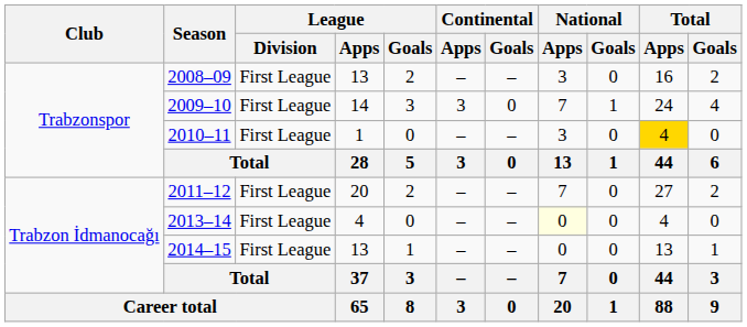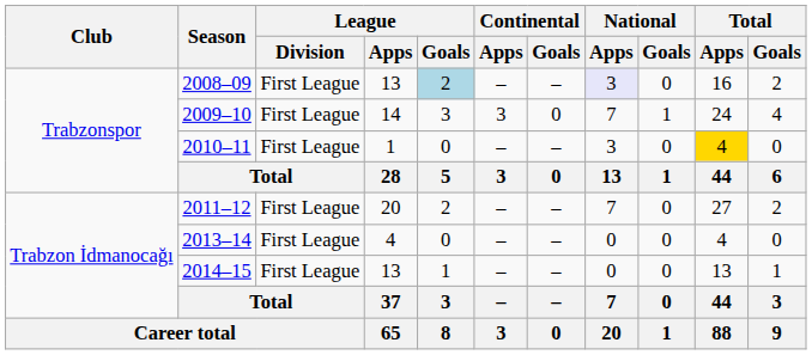 <table class="wikitable" style="text-align: center;">
 <tr>
 <th rowspan="2">Club</th>
 <th rowspan="2">Season</th>
 <th colspan="3">League</th>
 <th colspan="2">Continental</th>
 <th colspan="2">National</th>
 <th colspan="2">Total</th>
 </tr>
 <tr>
 <th>Division</th>
 <th>Apps</th>
 <th>Goals</th>
 <th>Apps</th>
 <th>Goals</th>
 <th>Apps</th>
 <th>Goals</th>
 <th>Apps</th>
 <th>Goals</th>
 </tr>
 <tr>
 <td rowspan=4><a href='#'>Trabzonspor</a></td>
 <td><a href='#'>2008–09</a></td>
 <td>First League</td>
 <td>13</td>
-<td>2</td>
+<td style="background: lightblue;">2</td>
 <td>–</td>
 <td>–</td>
-<td>3</td>
+<td style="background: lavender;">3</td>
 <td>0</td>
 <td>16</td>
 <td>2</td>
 </tr>
 <tr>
 <td><a href='#'>2009–10</a></td>
 <td>First League</td>
 <td>14</td>
 <td>3</td>
 <td>3</td>
 <td>0</td>
 <td>7</td>
 <td>1</td>
 <td>24</td>
 <td>4</td>
 </tr>
 <tr>
 <td><a href='#'>2010–11</a></td>
 <td>First League</td>
 <td>1</td>
 <td>0</td>
 <td>–</td>
 <td>–</td>
 <td>3</td>
 <td>0</td>
 <td style="background: gold;">4</td>
 <td>0</td>
 </tr>
 <tr>
 <th colspan="2">Total</th>
 <th>28</th>
 <th>5</th>
 <th>3</th>
 <th>0</th>
 <th>13</th>
 <th>1</th>
 <th>44</th>
 <th>6</th>
 </tr>
 <tr>
 <td rowspan=4><a href='#'>Trabzon İdmanocağı</a></td>
 <td><a href='#'>2011–12</a></td>
 <td>First League</td>
 <td>20</td>
 <td>2</td>
 <td>–</td>
 <td>–</td>
 <td>7</td>
 <td>0</td>
 <td>27</td>
 <td>2</td>
 </tr>
 <tr>
 <td><a href='#'>2013–14</a></td>
 <td>First League</td>
 <td>4</td>
 <td>0</td>
 <td>–</td>
 <td>–</td>
-<td style="background: lightyellow;">0</td>
+<td>0</td>
 <td>0</td>
 <td>4</td>
 <td>0</td>
 </tr>
 <tr>
 <td><a href='#'>2014–15</a></td>
 <td>First League</td>
 <td>13</td>
 <td>1</td>
 <td>–</td>
 <td>–</td>
 <td>0</td>
 <td>0</td>
 <td>13</td>
 <td>1</td>
 </tr>
 <tr>
 <th colspan="2">Total</th>
 <th>37</th>
 <th>3</th>
 <th>–</th>
 <th>–</th>
 <th>7</th>
 <th>0</th>
 <th>44</th>
 <th>3</th>
 </tr>
 <tr>
 <th colspan="3">Career total</th>
 <th>65</th>
 <th>8</th>
 <th>3</th>
 <th>0</th>
 <th>20</th>
 <th>1</th>
 <th>88</th>
 <th>9</th>
 </tr>
 </table>
